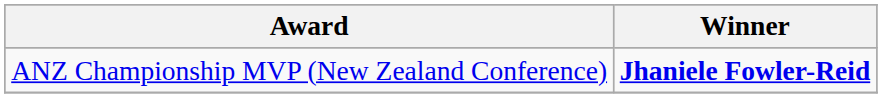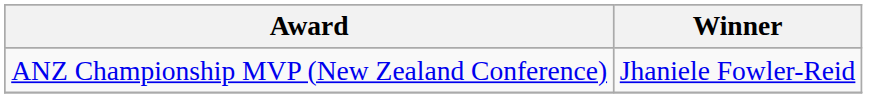 <table class="wikitable collapsible">
 <tr>
 <th>Award</th>
 <th>Winner</th>
 </tr>
 <tr>
 <td><a href='#'>ANZ Championship MVP (New Zealand Conference)</a></td>
-<td><strong><a href='#'>Jhaniele Fowler-Reid</a></strong></td>
+<td><a href='#'>Jhaniele Fowler-Reid</a></td>
 </tr>
 <tr>
 </tr>
 </table>
